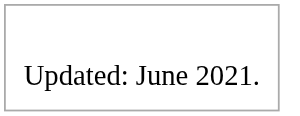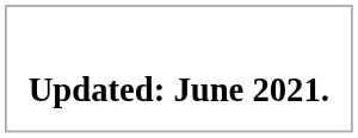 <table style="border:solid 1px #aaa;" cellpadding="10" cellspacing="0">
 <tr>
 <td></td>
 </tr>
 <tr>
-<td>Updated: June 2021.</td>
+<td><strong>Updated: June 2021.</strong></td>
 </tr>
 </table>
